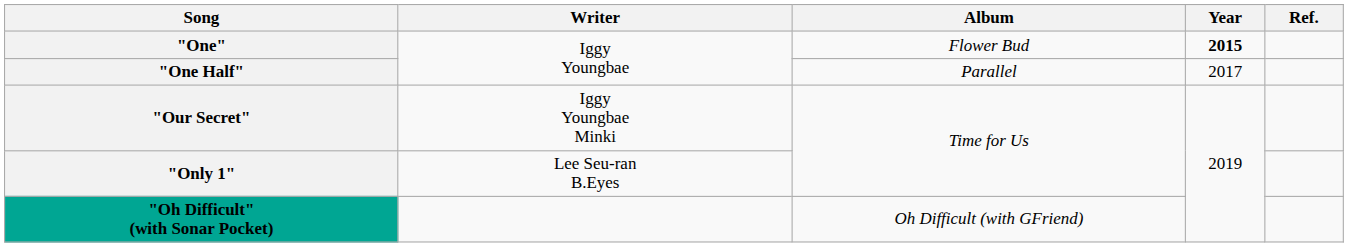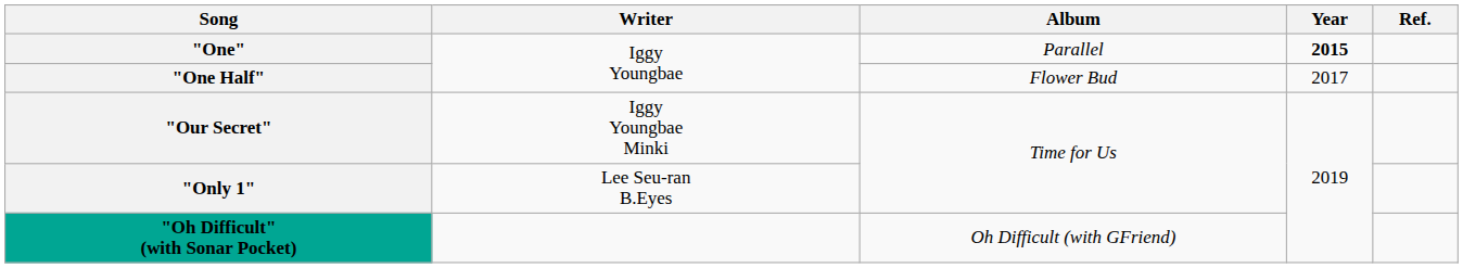 <table class="wikitable plainrowheaders" style="text-align:center; width:100%">
 <tr>
 <th style="width:25%">Song</th>
 <th style="width:25%">Writer</th>
 <th style="width:25%">Album</th>
 <th style="width:5%">Year</th>
 <th style="width:5%">Ref.</th>
 </tr>
 <tr>
 <th scope="row">"One"</th>
 <td rowspan="2">Iggy<br>Youngbae</td>
-<td><em>Flower Bud</em></td>
+<td><em>Parallel</em></td>
 <td><strong>2015</strong></td>
 <td></td>
 </tr>
 <tr>
 <th scope="row">"One Half" </th>
-<td><em>Parallel</em></td>
+<td><em>Flower Bud</em></td>
 <td>2017</td>
 <td></td>
 </tr>
 <tr>
 <th scope="row">"Our Secret" </th>
 <td>Iggy<br>Youngbae<br>Minki</td>
 <td rowspan="2"><em>Time for Us</em></td>
 <td rowspan="3">2019</td>
 <td></td>
 </tr>
 <tr>
 <th scope="row">"Only 1"</th>
 <td>Lee Seu-ran<br>B.Eyes</td>
 <td></td>
 </tr>
 <tr>
 <th scope="row" style="background-color:#00A693 ">"Oh Difficult"<br><span>(with Sonar Pocket)</span> </th>
 <td></td>
 <td><em>Oh Difficult (with GFriend)</em></td>
 <td></td>
 </tr>
 </table>
